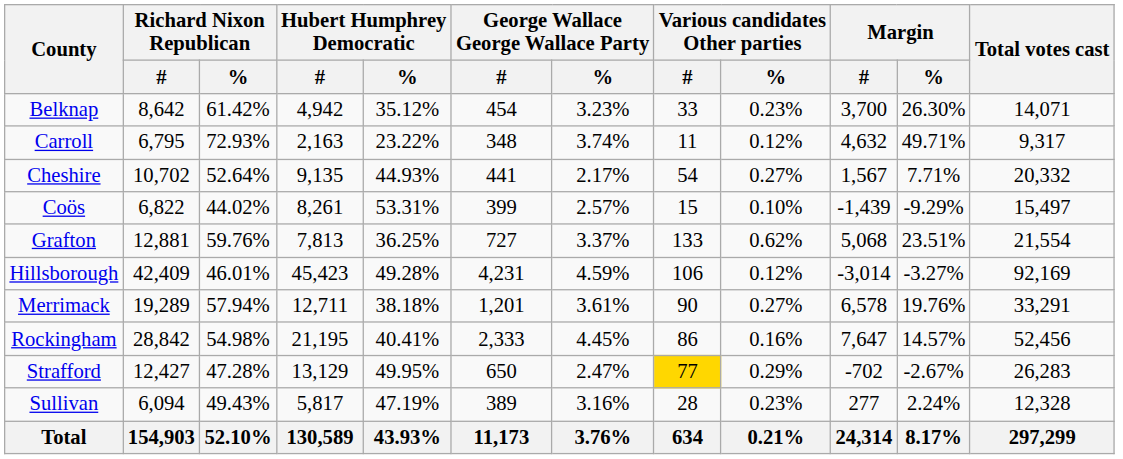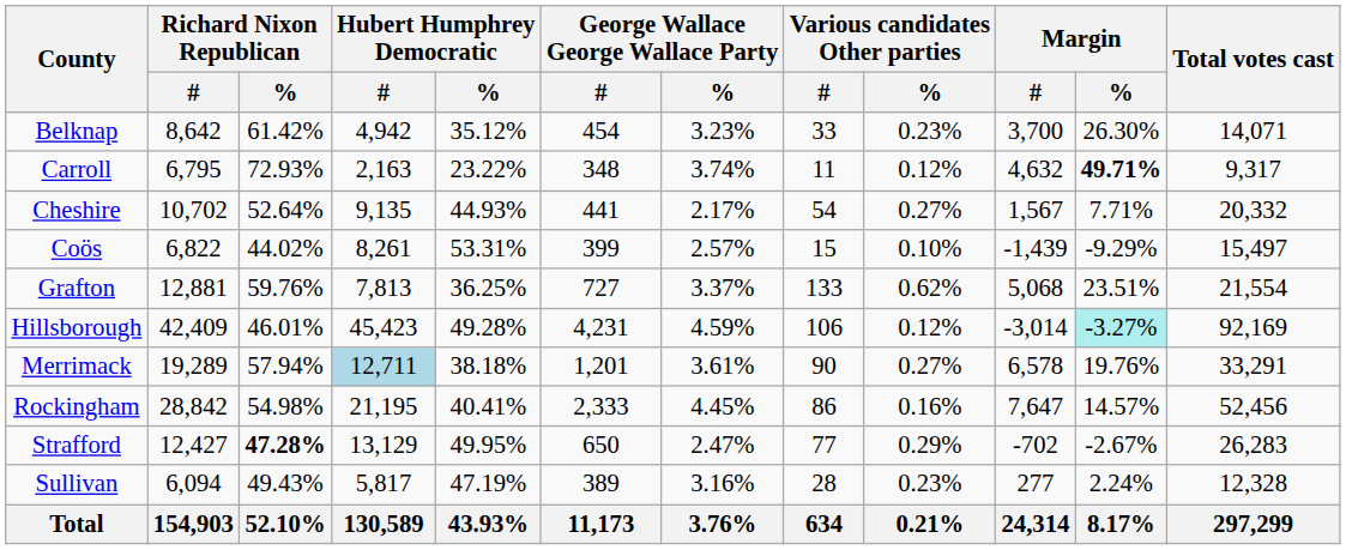 <table class="wikitable sortable">
 <tr>
 <th rowspan="2">County</th>
 <th colspan="2">Richard Nixon<br>Republican</th>
 <th colspan="2">Hubert Humphrey<br>Democratic</th>
 <th colspan="2">George Wallace<br>George Wallace Party</th>
 <th colspan="2">Various candidates<br>Other parties</th>
 <th colspan="2">Margin</th>
 <th rowspan="2">Total votes cast</th>
 </tr>
 <tr>
 <th data-sort-type="number">#</th>
 <th data-sort-type="number">%</th>
 <th data-sort-type="number">#</th>
 <th data-sort-type="number">%</th>
 <th data-sort-type="number">#</th>
 <th data-sort-type="number">%</th>
 <th data-sort-type="number">#</th>
 <th data-sort-type="number">%</th>
 <th data-sort-type="number">#</th>
 <th data-sort-type="number">%</th>
 </tr>
 <tr style="text-align:center;">
 <td><a href='#'>Belknap</a></td>
 <td>8,642</td>
 <td>61.42%</td>
 <td>4,942</td>
 <td>35.12%</td>
 <td>454</td>
 <td>3.23%</td>
 <td>33</td>
 <td>0.23%</td>
 <td>3,700</td>
 <td>26.30%</td>
 <td>14,071</td>
 </tr>
 <tr style="text-align:center;">
 <td><a href='#'>Carroll</a></td>
 <td>6,795</td>
 <td>72.93%</td>
 <td>2,163</td>
 <td>23.22%</td>
 <td>348</td>
 <td>3.74%</td>
 <td>11</td>
 <td>0.12%</td>
 <td>4,632</td>
-<td>49.71%</td>
+<td><strong>49.71%</strong></td>
 <td>9,317</td>
 </tr>
 <tr style="text-align:center;">
 <td><a href='#'>Cheshire</a></td>
 <td>10,702</td>
 <td>52.64%</td>
 <td>9,135</td>
 <td>44.93%</td>
 <td>441</td>
 <td>2.17%</td>
 <td>54</td>
 <td>0.27%</td>
 <td>1,567</td>
 <td>7.71%</td>
 <td>20,332</td>
 </tr>
 <tr style="text-align:center;">
 <td><a href='#'>Coös</a></td>
 <td>6,822</td>
 <td>44.02%</td>
 <td>8,261</td>
 <td>53.31%</td>
 <td>399</td>
 <td>2.57%</td>
 <td>15</td>
 <td>0.10%</td>
 <td>-1,439</td>
 <td>-9.29%</td>
 <td>15,497</td>
 </tr>
 <tr style="text-align:center;">
 <td><a href='#'>Grafton</a></td>
 <td>12,881</td>
 <td>59.76%</td>
 <td>7,813</td>
 <td>36.25%</td>
 <td>727</td>
 <td>3.37%</td>
 <td>133</td>
 <td>0.62%</td>
 <td>5,068</td>
 <td>23.51%</td>
 <td>21,554</td>
 </tr>
 <tr style="text-align:center;">
 <td><a href='#'>Hillsborough</a></td>
 <td>42,409</td>
 <td>46.01%</td>
 <td>45,423</td>
 <td>49.28%</td>
 <td>4,231</td>
 <td>4.59%</td>
 <td>106</td>
 <td>0.12%</td>
 <td>-3,014</td>
-<td>-3.27%</td>
+<td style="background: paleturquoise;">-3.27%</td>
 <td>92,169</td>
 </tr>
 <tr style="text-align:center;">
 <td><a href='#'>Merrimack</a></td>
 <td>19,289</td>
 <td>57.94%</td>
-<td>12,711</td>
+<td style="background: lightblue;">12,711</td>
 <td>38.18%</td>
 <td>1,201</td>
 <td>3.61%</td>
 <td>90</td>
 <td>0.27%</td>
 <td>6,578</td>
 <td>19.76%</td>
 <td>33,291</td>
 </tr>
 <tr style="text-align:center;">
 <td><a href='#'>Rockingham</a></td>
 <td>28,842</td>
 <td>54.98%</td>
 <td>21,195</td>
 <td>40.41%</td>
 <td>2,333</td>
 <td>4.45%</td>
 <td>86</td>
 <td>0.16%</td>
 <td>7,647</td>
 <td>14.57%</td>
 <td>52,456</td>
 </tr>
 <tr style="text-align:center;">
 <td><a href='#'>Strafford</a></td>
 <td>12,427</td>
-<td>47.28%</td>
+<td><strong>47.28%</strong></td>
 <td>13,129</td>
 <td>49.95%</td>
 <td>650</td>
 <td>2.47%</td>
-<td style="background: gold;">77</td>
+<td>77</td>
 <td>0.29%</td>
 <td>-702</td>
 <td>-2.67%</td>
 <td>26,283</td>
 </tr>
 <tr style="text-align:center;">
 <td><a href='#'>Sullivan</a></td>
 <td>6,094</td>
 <td>49.43%</td>
 <td>5,817</td>
 <td>47.19%</td>
 <td>389</td>
 <td>3.16%</td>
 <td>28</td>
 <td>0.23%</td>
 <td>277</td>
 <td>2.24%</td>
 <td>12,328</td>
 </tr>
 <tr style="text-align:center;">
 <th>Total</th>
 <th>154,903</th>
 <th>52.10%</th>
 <th>130,589</th>
 <th>43.93%</th>
 <th>11,173</th>
 <th>3.76%</th>
 <th>634</th>
 <th>0.21%</th>
 <th>24,314</th>
 <th>8.17%</th>
 <th>297,299</th>
 </tr>
 </table>
